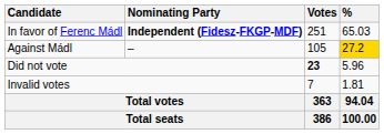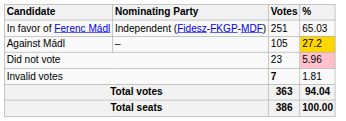 <table class="wikitable">
 <tr>
 <th style="text-align:left">Candidate</th>
 <th style="text-align:left">Nominating Party</th>
 <th style="text-align:left">Votes</th>
 <th style="text-align:left">%</th>
 </tr>
 <tr>
 <td>In favor of <a href='#'>Ferenc Mádl</a></td>
-<td><strong>Independent (<a href='#'>Fidesz</a>-<a href='#'>FKGP</a>-<a href='#'>MDF</a>)</strong></td>
+<td>Independent (<a href='#'>Fidesz</a>-<a href='#'>FKGP</a>-<a href='#'>MDF</a>)</td>
 <td>251</td>
 <td>65.03</td>
 </tr>
 <tr>
 <td>Against Mádl</td>
 <td>–</td>
 <td>105</td>
 <td style="background: gold;">27.2</td>
 </tr>
 <tr>
 <td colspan=2>Did not vote</td>
-<td><strong>23</strong></td>
-<td>5.96</td>
+<td>23</td>
+<td style="background: pink;">5.96</td>
 </tr>
 <tr>
 <td colspan=2>Invalid votes</td>
-<td>7</td>
+<td><strong>7</strong></td>
 <td>1.81</td>
 </tr>
 <tr>
 <th colspan=2>Total votes</th>
 <th>363</th>
 <th>94.04</th>
 </tr>
 <tr>
 <th colspan=2>Total seats</th>
 <th>386</th>
 <th>100.00</th>
 </tr>
 </table>
